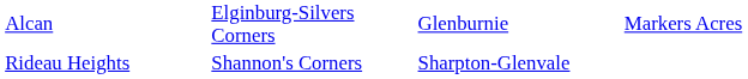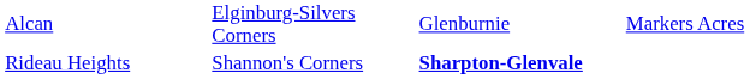 <table>
 <tr>
 <td width="160px"><a href='#'>Alcan</a></td>
 <td width="160px"><a href='#'>Elginburg-Silvers Corners</a></td>
 <td width="160px"><a href='#'>Glenburnie</a></td>
 <td width="160px"><a href='#'>Markers Acres</a></td>
 </tr>
 <tr>
 <td><a href='#'>Rideau Heights</a></td>
 <td><a href='#'>Shannon's Corners</a></td>
-<td><a href='#'>Sharpton-Glenvale</a></td>
+<td><strong><a href='#'>Sharpton-Glenvale</a></strong></td>
 </tr>
 </table>
